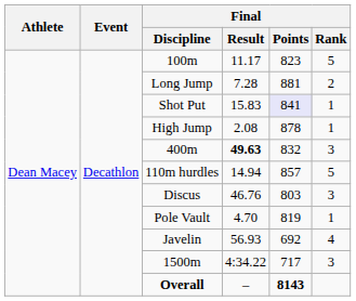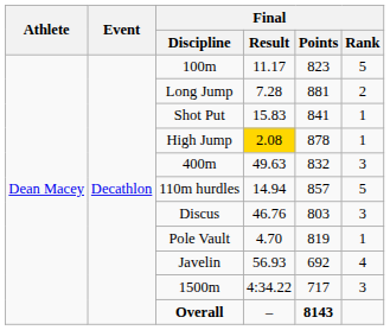 <table class=wikitable style="font-size:90%">
 <tr>
 <th rowspan="2">Athlete</th>
 <th rowspan="2">Event</th>
 <th colspan="4">Final</th>
 </tr>
 <tr>
 <th>Discipline</th>
 <th>Result</th>
 <th>Points</th>
 <th>Rank</th>
 </tr>
 <tr>
 <td rowspan="11"><a href='#'>Dean Macey</a></td>
 <td rowspan="11"><a href='#'>Decathlon</a></td>
 <td align="center">100m</td>
 <td align="center">11.17</td>
 <td align="center">823</td>
 <td align="center">5</td>
 </tr>
 <tr>
 <td align="center">Long Jump</td>
 <td align="center">7.28</td>
 <td align="center">881</td>
 <td align="center">2</td>
 </tr>
 <tr>
 <td align="center">Shot Put</td>
 <td align="center">15.83</td>
-<td align="center" style="background: lavender;">841</td>
+<td align="center">841</td>
 <td align="center">1</td>
 </tr>
 <tr>
 <td align="center">High Jump</td>
-<td align="center">2.08</td>
+<td align="center" style="background: gold;">2.08</td>
 <td align="center">878</td>
 <td align="center">1</td>
 </tr>
 <tr>
 <td align="center">400m</td>
-<td align="center"><strong>49.63</strong></td>
+<td align="center">49.63</td>
 <td align="center">832</td>
 <td align="center">3</td>
 </tr>
 <tr>
 <td align="center">110m hurdles</td>
 <td align="center">14.94</td>
 <td align="center">857</td>
 <td align="center">5</td>
 </tr>
 <tr>
 <td align="center">Discus</td>
 <td align="center">46.76</td>
 <td align="center">803</td>
 <td align="center">3</td>
 </tr>
 <tr>
 <td align="center">Pole Vault</td>
 <td align="center">4.70</td>
 <td align="center">819</td>
 <td align="center">1</td>
 </tr>
 <tr>
 <td align="center">Javelin</td>
 <td align="center">56.93</td>
 <td align="center">692</td>
 <td align="center">4</td>
 </tr>
 <tr>
 <td align="center">1500m</td>
 <td align="center">4:34.22</td>
 <td align="center">717</td>
 <td align="center">3</td>
 </tr>
 <tr>
 <td align="center"><strong>Overall</strong></td>
 <td align="center">–</td>
 <td align="center"><strong>8143</strong></td>
 <td align="center"></td>
 </tr>
 </table>
